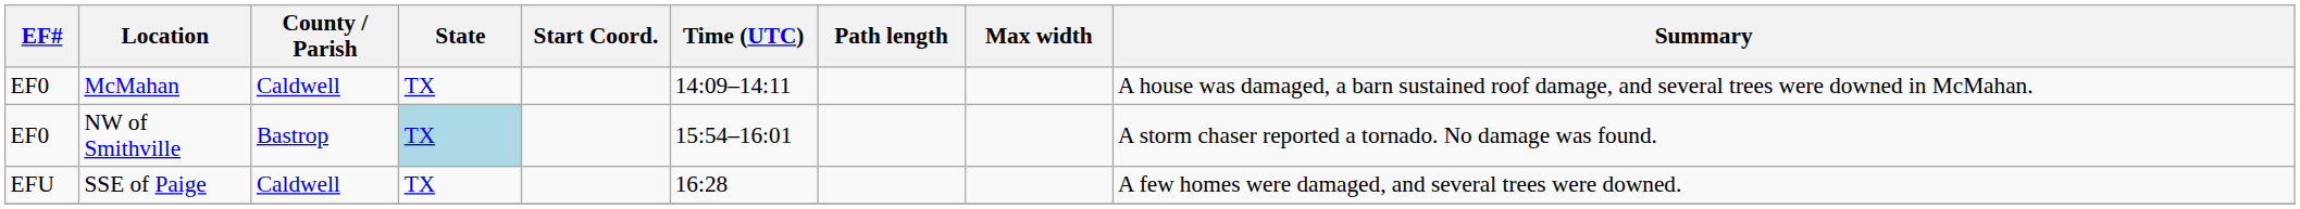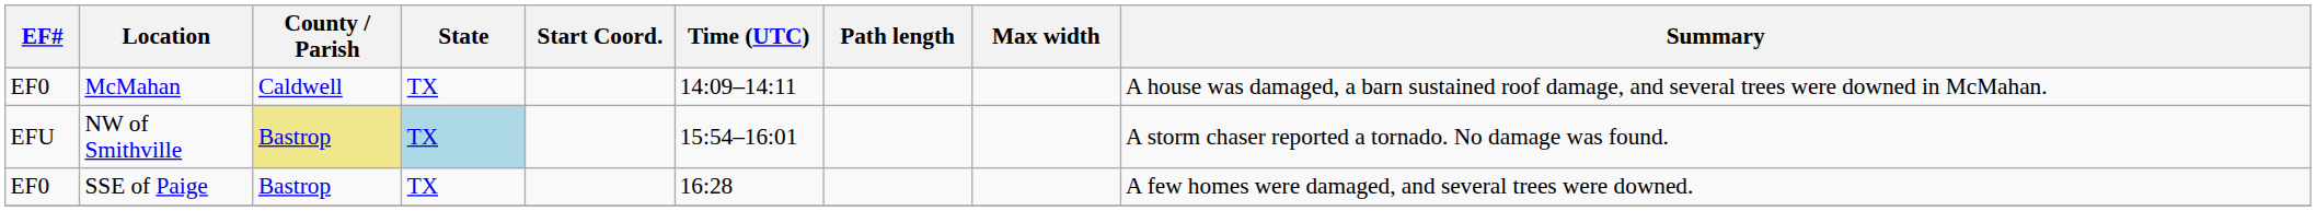 <table class="wikitable sortable" style="width:100%;">
 <tr>
 <th scope="col"  style="width:3%; text-align:center;"><a href='#'>EF#</a></th>
 <th scope="col"  style="width:7%; text-align:center;" class="unsortable">Location</th>
 <th scope="col"  style="width:6%; text-align:center;" class="unsortable">County / Parish</th>
 <th scope="col"  style="width:5%; text-align:center;">State</th>
 <th scope="col"  style="width:6%; text-align:center;">Start Coord.</th>
 <th scope="col"  style="width:6%; text-align:center;">Time (<a href='#'>UTC</a>)</th>
 <th scope="col"  style="width:6%; text-align:center;">Path length</th>
 <th scope="col"  style="width:6%; text-align:center;">Max width</th>
 <th scope="col" class="unsortable" style="width:48%; text-align:center;">Summary</th>
 </tr>
 <tr>
 <td>EF0</td>
 <td><a href='#'>McMahan</a></td>
 <td><a href='#'>Caldwell</a></td>
 <td><a href='#'>TX</a></td>
 <td></td>
 <td>14:09–14:11</td>
 <td></td>
 <td></td>
 <td>A house was damaged, a barn sustained roof damage, and several trees were downed in McMahan.</td>
 </tr>
 <tr>
-<td>EF0</td>
+<td>EFU</td>
 <td>NW of <a href='#'>Smithville</a></td>
-<td><a href='#'>Bastrop</a></td>
+<td style="background: khaki;"><a href='#'>Bastrop</a></td>
 <td style="background: lightblue;"><a href='#'>TX</a></td>
 <td></td>
 <td>15:54–16:01</td>
 <td></td>
 <td></td>
 <td>A storm chaser reported a tornado. No damage was found.</td>
 </tr>
 <tr>
-<td>EFU</td>
+<td>EF0</td>
 <td>SSE of <a href='#'>Paige</a></td>
-<td><a href='#'>Caldwell</a></td>
+<td><a href='#'>Bastrop</a></td>
 <td><a href='#'>TX</a></td>
 <td></td>
 <td>16:28</td>
 <td></td>
 <td></td>
 <td>A few homes were damaged, and several trees were downed.</td>
 </tr>
 <tr>
 </tr>
 </table>
